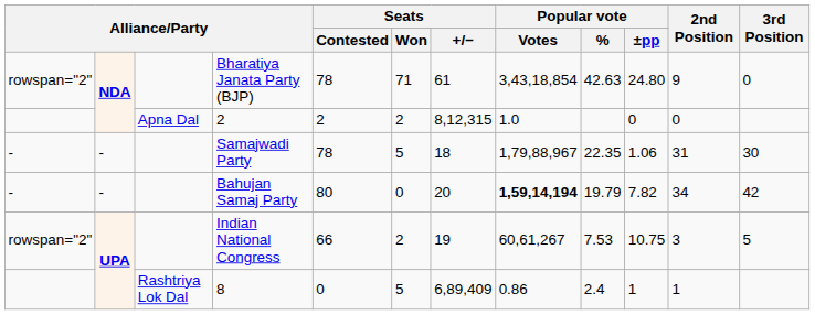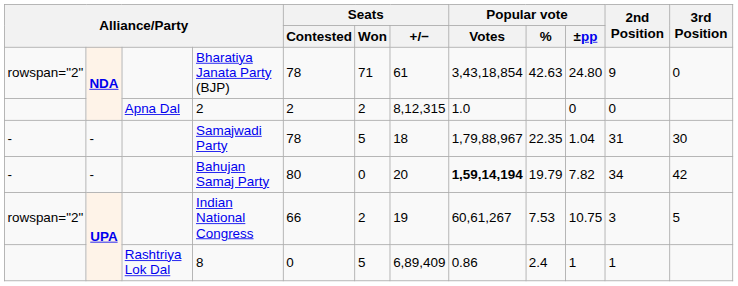 <table class="wikitable">
 <tr>
 <th colspan=4 rowspan="2">Alliance/Party</th>
 <th colspan="3">Seats</th>
 <th colspan="3">Popular vote</th>
 <th rowspan="2">2nd Position</th>
 <th rowspan="2">3rd Position</th>
 </tr>
 <tr>
 <th>Contested</th>
 <th>Won</th>
 <th><strong>+/−</strong></th>
 <th>Votes</th>
 <th>%</th>
 <th>±<a href='#'>pp</a></th>
 </tr>
 <tr>
 <td>rowspan="2" </td>
 <th rowspan="2" style="background:#FEF3E8"><a href='#'>NDA</a></th>
 <td></td>
 <td><a href='#'>Bharatiya Janata Party</a> (BJP)</td>
 <td>78</td>
 <td>71</td>
 <td> 61</td>
 <td>3,43,18,854</td>
 <td>42.63</td>
 <td> 24.80</td>
 <td>9</td>
 <td>0</td>
 </tr>
 <tr>
 <td></td>
 <td><a href='#'>Apna Dal</a></td>
 <td>2</td>
 <td>2</td>
 <td> 2</td>
 <td>8,12,315</td>
 <td>1.0</td>
 <td></td>
 <td>0</td>
 <td>0</td>
 </tr>
 <tr>
 <td>-</td>
 <td>-</td>
 <td></td>
 <td><a href='#'>Samajwadi Party</a></td>
 <td>78</td>
 <td>5</td>
 <td> 18</td>
 <td>1,79,88,967</td>
 <td>22.35</td>
-<td> 1.06</td>
+<td> 1.04</td>
 <td>31</td>
 <td>30</td>
 </tr>
 <tr>
 <td>-</td>
 <td>-</td>
 <td></td>
 <td><a href='#'>Bahujan Samaj Party</a></td>
 <td>80</td>
 <td>0</td>
 <td> 20</td>
 <td><strong>1,59,14,194</strong></td>
 <td>19.79</td>
 <td> 7.82</td>
 <td>34</td>
 <td>42</td>
 </tr>
 <tr>
 <td>rowspan="2"  </td>
 <th rowspan="2" style="background:#FEF3E8"><a href='#'>UPA</a></th>
 <td></td>
 <td><a href='#'>Indian National Congress</a></td>
 <td>66</td>
 <td>2</td>
 <td> 19</td>
 <td>60,61,267</td>
 <td>7.53</td>
 <td> 10.75</td>
 <td>3</td>
 <td>5</td>
 </tr>
 <tr>
 <td></td>
 <td><a href='#'>Rashtriya Lok Dal</a></td>
 <td>8</td>
 <td>0</td>
 <td> 5</td>
 <td>6,89,409</td>
 <td>0.86</td>
 <td>2.4</td>
 <td>1</td>
 <td>1</td>
 </tr>
 </table>
